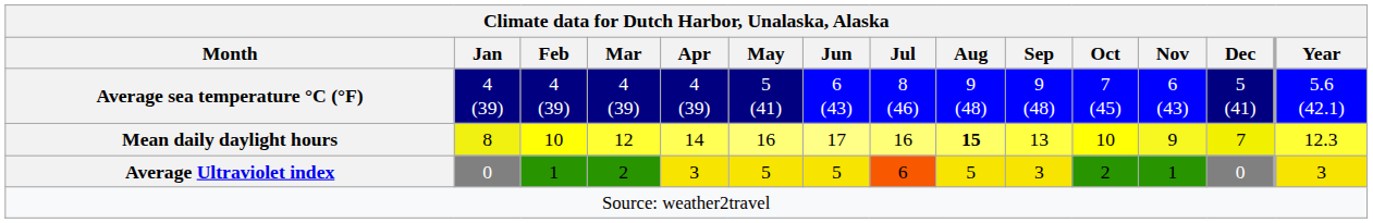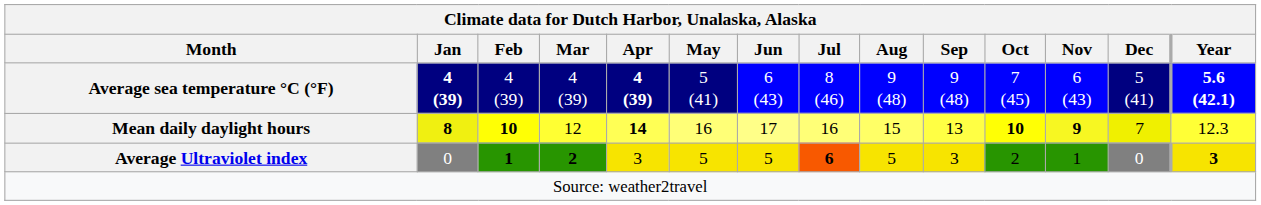 <table style="width:90%;text-align:center;font-size:100%;line-height:1.2em;margin-left:auto;margin-right:auto" class="wikitable">
 <tr>
 <th Colspan=14>Climate data for Dutch Harbor, Unalaska, Alaska</th>
 </tr>
 <tr>
 <th>Month</th>
 <th>Jan</th>
 <th>Feb</th>
 <th>Mar</th>
 <th>Apr</th>
 <th>May</th>
 <th>Jun</th>
 <th>Jul</th>
 <th>Aug</th>
 <th>Sep</th>
 <th>Oct</th>
 <th>Nov</th>
 <th>Dec</th>
 <th style="border-left-width:medium">Year</th>
 </tr>
 <tr>
 <th>Average sea temperature °C (°F)</th>
+<td style="background:#000080; color:#ffffff;"><strong>4<br>(39)</strong></td>
 <td style="background:#000080; color:#ffffff;">4<br>(39)</td>
 <td style="background:#000080; color:#ffffff;">4<br>(39)</td>
-<td style="background:#000080; color:#ffffff;">4<br>(39)</td>
-<td style="background:#000080; color:#ffffff;">4<br>(39)</td>
+<td style="background:#000080; color:#ffffff;"><strong>4<br>(39)</strong></td>
 <td style="background:#000080; color:#ffffff;">5<br>(41)</td>
 <td style="background:#0000ff; color:#ffffff;">6<br>(43)</td>
 <td style="background:#0000ff; color:#ffffff;">8<br>(46)</td>
 <td style="background:#0000ff; color:#ffffff;">9<br>(48)</td>
 <td style="background:#0000ff; color:#ffffff;">9<br>(48)</td>
 <td style="background:#0000ff; color:#ffffff;">7<br>(45)</td>
 <td style="background:#0000ff; color:#ffffff;">6<br>(43)</td>
 <td style="background:#000080; color:#ffffff;">5<br>(41)</td>
-<td style="background:#0000ff; color:#ffffff; border-left-width:medium;">5.6<br>(42.1)</td>
+<td style="background:#0000ff; color:#ffffff; border-left-width:medium;"><strong>5.6<br>(42.1)</strong></td>
 </tr>
 <tr>
 <th>Mean daily daylight hours</th>
-<td style="background:#f0f011; color:#000;">8</td>
-<td style="background:#ffff05; color:#000;">10</td>
+<td style="background:#f0f011; color:#000;"><strong>8</strong></td>
+<td style="background:#ffff05; color:#000;"><strong>10</strong></td>
 <td style="background:#ffff33; color:#000;">12</td>
-<td style="background:#ffff55; color:#000;">14</td>
+<td style="background:#ffff55; color:#000;"><strong>14</strong></td>
 <td style="background:#ffff77; color:#000;">16</td>
 <td style="background:#ffff88; color:#000;">17</td>
 <td style="background:#ffff77; color:#000;">16</td>
-<td style="background:#ffff66; color:#000;"><strong>15</strong></td>
+<td style="background:#ffff66; color:#000;">15</td>
 <td style="background:#ffff44; color:#000;">13</td>
-<td style="background:#ffff05; color:#000;">10</td>
-<td style="background:#f7f722; color:#000;">9</td>
+<td style="background:#ffff05; color:#000;"><strong>10</strong></td>
+<td style="background:#f7f722; color:#000;"><strong>9</strong></td>
 <td style="background:#f0f000; color:#000;">7</td>
 <td style="background:#ffff36; color:#000;">12.3</td>
 </tr>
 <tr>
 <th>Average <a href='#'>Ultraviolet index</a></th>
 <td style="background:#808080; color:#ffffff;">0</td>
-<td style="background:#289500; color:#000;">1</td>
-<td style="background:#289500; color:#000;">2</td>
+<td style="background:#289500; color:#000;"><strong>1</strong></td>
+<td style="background:#289500; color:#000;"><strong>2</strong></td>
 <td style="background:#f7e400; color:#000;">3</td>
 <td style="background:#f7e400; color:#000;">5</td>
 <td style="background:#f7e400; color:#000;">5</td>
-<td style="background:#f85900; color:#000;">6</td>
+<td style="background:#f85900; color:#000;"><strong>6</strong></td>
 <td style="background:#f7e400; color:#000;">5</td>
 <td style="background:#f7e400; color:#000;">3</td>
 <td style="background:#289500; color:#000;">2</td>
 <td style="background:#289500; color:#000;">1</td>
 <td style="background:#808080; color:#ffffff;">0</td>
-<td style="background:#f7e400; color:#000; border-left-width:medium;">3</td>
+<td style="background:#f7e400; color:#000; border-left-width:medium;"><strong>3</strong></td>
 </tr>
 <tr>
 <th Colspan=14 style="background:#f8f9fa;font-weight:normal;font-size:95%;">Source: weather2travel </th>
 </tr>
 </table>
